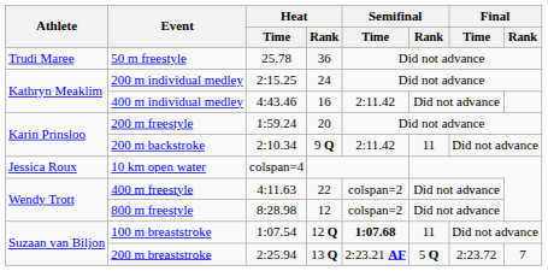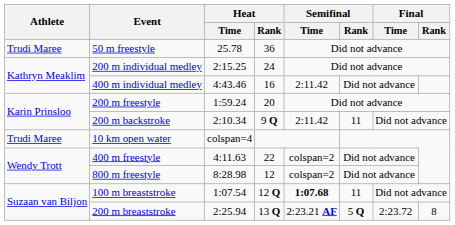 <table class=wikitable style="font-size:90%">
 <tr>
 <th rowspan="2">Athlete</th>
 <th rowspan="2">Event</th>
 <th colspan="2">Heat</th>
 <th colspan="2">Semifinal</th>
 <th colspan="2">Final</th>
 </tr>
 <tr style="font-size:95%">
 <th>Time</th>
 <th>Rank</th>
 <th>Time</th>
 <th>Rank</th>
 <th>Time</th>
 <th>Rank</th>
 </tr>
 <tr align=center>
 <td align=left><a href='#'>Trudi Maree</a></td>
 <td align=left><a href='#'>50 m freestyle</a></td>
 <td>25.78</td>
 <td>36</td>
 <td colspan=4>Did not advance</td>
 </tr>
 <tr align=center>
 <td align=left rowspan=2><a href='#'>Kathryn Meaklim</a></td>
 <td align=left><a href='#'>200 m individual medley</a></td>
 <td>2:15.25</td>
 <td>24</td>
 <td colspan=4>Did not advance</td>
 </tr>
 <tr align=center>
 <td align=left><a href='#'>400 m individual medley</a></td>
 <td>4:43.46</td>
 <td>16</td>
 <td>2:11.42</td>
 <td colspan=2>Did not advance</td>
 </tr>
 <tr align=center>
 <td align=left rowspan=2><a href='#'>Karin Prinsloo</a></td>
 <td align=left><a href='#'>200 m freestyle</a></td>
 <td>1:59.24</td>
 <td>20</td>
 <td colspan=4>Did not advance</td>
 </tr>
 <tr align=center>
 <td align=left><a href='#'>200 m backstroke</a></td>
 <td>2:10.34</td>
 <td>9 <strong>Q</strong></td>
 <td>2:11.42</td>
 <td>11</td>
 <td colspan=2>Did not advance</td>
 </tr>
 <tr align=center>
-<td align=left><a href='#'>Jessica Roux</a></td>
+<td align=left><a href='#'>Trudi Maree</a></td>
 <td align=left><a href='#'>10 km open water</a></td>
 <td>colspan=4 </td>
 <td colspan=2></td>
 </tr>
 <tr align=center>
 <td align=left rowspan=2><a href='#'>Wendy Trott</a></td>
 <td align=left><a href='#'>400 m freestyle</a></td>
 <td>4:11.63</td>
 <td>22</td>
 <td>colspan=2 </td>
 <td colspan=2>Did not advance</td>
 </tr>
 <tr align=center>
 <td align=left><a href='#'>800 m freestyle</a></td>
 <td>8:28.98</td>
 <td>12</td>
 <td>colspan=2 </td>
 <td colspan=2>Did not advance</td>
 </tr>
 <tr align=center>
 <td align=left rowspan=2><a href='#'>Suzaan van Biljon</a></td>
 <td align=left><a href='#'>100 m breaststroke</a></td>
 <td>1:07.54</td>
 <td>12 <strong>Q</strong></td>
 <td><strong>1:07.68</strong></td>
 <td>11</td>
 <td colspan=2>Did not advance</td>
 </tr>
 <tr align=center>
 <td align=left><a href='#'>200 m breaststroke</a></td>
 <td>2:25.94</td>
 <td>13 <strong>Q</strong></td>
 <td>2:23.21 <strong><a href='#'>AF</a></strong></td>
 <td>5 <strong>Q</strong></td>
 <td>2:23.72</td>
-<td>7</td>
+<td>8</td>
 </tr>
 </table>
